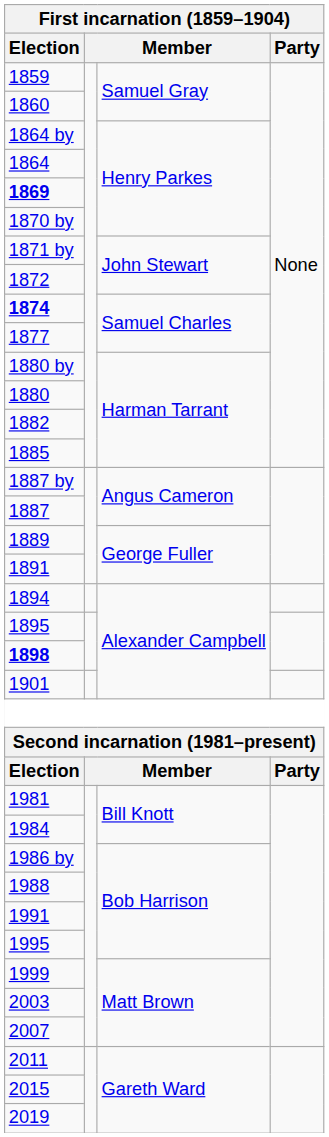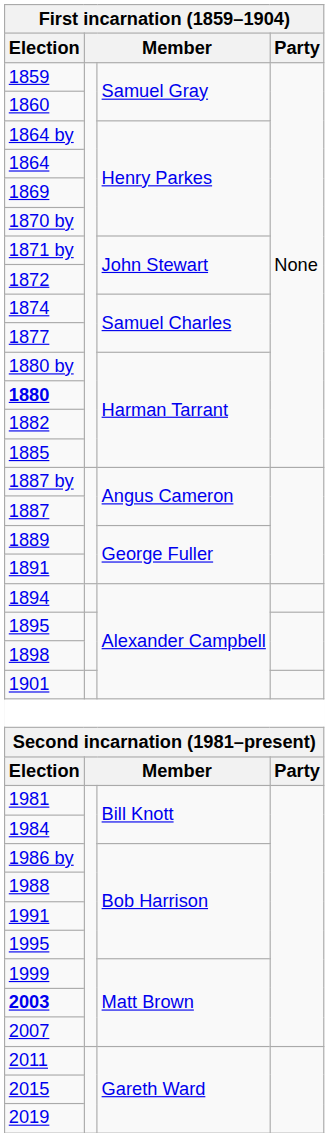 <table class="wikitable" style='border-style: none none none none;'>
 <tr>
 <th colspan="4">First incarnation (1859–1904)</th>
 </tr>
 <tr>
 <th>Election</th>
 <th colspan="2">Member</th>
 <th>Party</th>
 </tr>
 <tr style="background: #f9f9f9">
 <td><a href='#'>1859</a></td>
 <td rowspan="14" > </td>
 <td rowspan="2"><a href='#'>Samuel Gray</a></td>
 <td rowspan="14">None</td>
 </tr>
 <tr style="background: #f9f9f9">
 <td><a href='#'>1860</a></td>
 </tr>
 <tr style="background: #f9f9f9">
 <td><a href='#'>1864 by</a></td>
 <td rowspan="4"><a href='#'>Henry Parkes</a></td>
 </tr>
 <tr style="background: #f9f9f9">
 <td><a href='#'>1864</a></td>
 </tr>
 <tr style="background: #f9f9f9">
-<td><strong><a href='#'>1869</a></strong></td>
+<td><a href='#'>1869</a></td>
 </tr>
 <tr style="background: #f9f9f9">
 <td><a href='#'>1870 by</a></td>
 </tr>
 <tr style="background: #f9f9f9">
 <td><a href='#'>1871 by</a></td>
 <td rowspan="2"><a href='#'>John Stewart</a></td>
 </tr>
 <tr style="background: #f9f9f9">
 <td><a href='#'>1872</a></td>
 </tr>
 <tr style="background: #f9f9f9">
-<td><strong><a href='#'>1874</a></strong></td>
+<td><a href='#'>1874</a></td>
 <td rowspan="2"><a href='#'>Samuel Charles</a></td>
 </tr>
 <tr style="background: #f9f9f9">
 <td><a href='#'>1877</a></td>
 </tr>
 <tr style="background: #f9f9f9">
 <td><a href='#'>1880 by</a></td>
 <td rowspan="4"><a href='#'>Harman Tarrant</a></td>
 </tr>
 <tr style="background: #f9f9f9">
-<td><a href='#'>1880</a></td>
+<td><strong><a href='#'>1880</a></strong></td>
 </tr>
 <tr style="background: #f9f9f9">
 <td><a href='#'>1882</a></td>
 </tr>
 <tr style="background: #f9f9f9">
 <td><a href='#'>1885</a></td>
 </tr>
 <tr style="background: #f9f9f9">
 <td><a href='#'>1887 by</a></td>
 <td rowspan="4" > </td>
 <td rowspan="2"><a href='#'>Angus Cameron</a></td>
 <td rowspan="4"></td>
 </tr>
 <tr style="background: #f9f9f9">
 <td><a href='#'>1887</a></td>
 </tr>
 <tr style="background: #f9f9f9">
 <td><a href='#'>1889</a></td>
 <td rowspan="2"><a href='#'>George Fuller</a></td>
 </tr>
 <tr style="background: #f9f9f9">
 <td><a href='#'>1891</a></td>
 </tr>
 <tr style="background: #f9f9f9">
 <td><a href='#'>1894</a></td>
 <td> </td>
 <td rowspan="4"><a href='#'>Alexander Campbell</a></td>
 <td></td>
 </tr>
 <tr style="background: #f9f9f9">
 <td><a href='#'>1895</a></td>
 <td rowspan="2" > </td>
 <td rowspan="2"></td>
 </tr>
 <tr style="background: #f9f9f9">
-<td><strong><a href='#'>1898</a></strong></td>
+<td><a href='#'>1898</a></td>
 </tr>
 <tr style="background: #f9f9f9">
 <td><a href='#'>1901</a></td>
 <td> </td>
 <td></td>
 </tr>
 <tr>
 <td colspan="4" style='background: #FFFFFF; border-style: none none none none;'> </td>
 </tr>
 <tr>
 <th colspan="4">Second incarnation (1981–present)</th>
 </tr>
 <tr>
 <th>Election</th>
 <th colspan="2">Member</th>
 <th>Party</th>
 </tr>
 <tr style="background: #f9f9f9">
 <td><a href='#'>1981</a></td>
 <td rowspan="9" > </td>
 <td rowspan="2"><a href='#'>Bill Knott</a></td>
 <td rowspan="9"></td>
 </tr>
 <tr style="background: #f9f9f9">
 <td><a href='#'>1984</a></td>
 </tr>
 <tr style="background: #f9f9f9">
 <td><a href='#'>1986 by</a></td>
 <td rowspan="4"><a href='#'>Bob Harrison</a></td>
 </tr>
 <tr style="background: #f9f9f9">
 <td><a href='#'>1988</a></td>
 </tr>
 <tr style="background: #f9f9f9">
 <td><a href='#'>1991</a></td>
 </tr>
 <tr style="background: #f9f9f9">
 <td><a href='#'>1995</a></td>
 </tr>
 <tr style="background: #f9f9f9">
 <td><a href='#'>1999</a></td>
 <td rowspan="3"><a href='#'>Matt Brown</a></td>
 </tr>
 <tr style="background: #f9f9f9">
-<td><a href='#'>2003</a></td>
+<td><strong><a href='#'>2003</a></strong></td>
 </tr>
 <tr style="background: #f9f9f9">
 <td><a href='#'>2007</a></td>
 </tr>
 <tr style="background: #f9f9f9">
 <td><a href='#'>2011</a></td>
 <td rowspan="3" > </td>
 <td rowspan="3"><a href='#'>Gareth Ward</a></td>
 <td rowspan="3"></td>
 </tr>
 <tr style="background: #f9f9f9">
 <td><a href='#'>2015</a></td>
 </tr>
 <tr style="background: #f9f9f9">
 <td><a href='#'>2019</a></td>
 </tr>
 </table>
